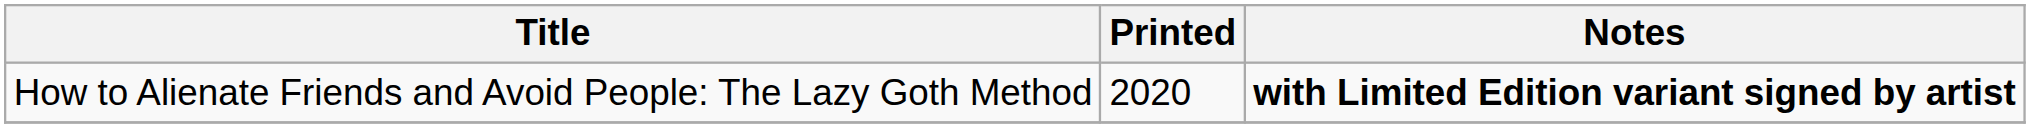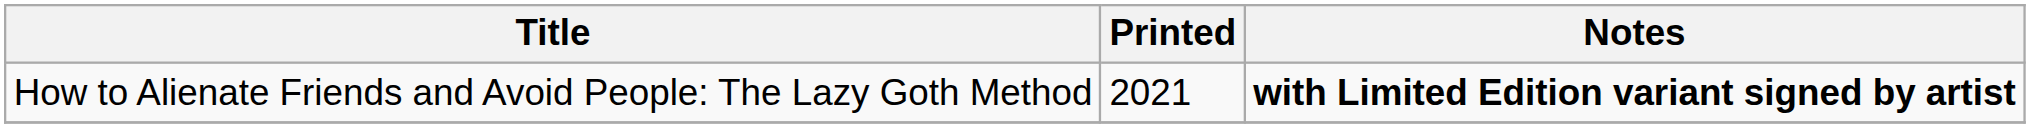 <table class="wikitable">
 <tr>
 <th>Title</th>
 <th>Printed</th>
 <th>Notes</th>
 </tr>
 <tr>
 <td>How to Alienate Friends and Avoid People: The Lazy Goth Method</td>
-<td>2020</td>
+<td>2021</td>
 <td><strong>with Limited Edition variant signed by artist</strong></td>
 </tr>
 <tr>
 </tr>
 </table>
